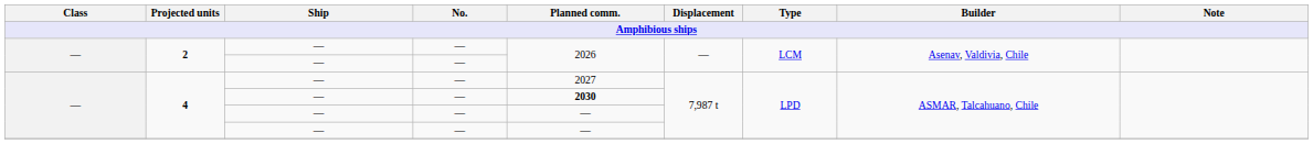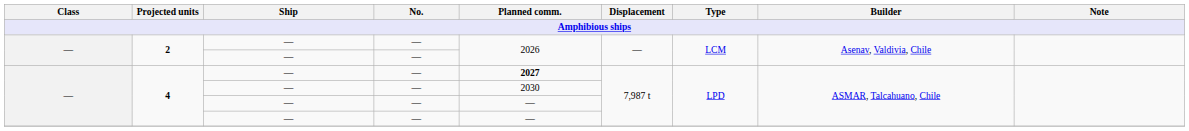 <table class="wikitable" style="text-align:center;">
 <tr>
 <th style="text-align:center; width:9%;">Class</th>
 <th style="text-align:center; width:5%;">Projected units</th>
 <th style="text-align:center; width:12%;">Ship</th>
 <th style="text-align:center; width:6%;">No.</th>
 <th style="text-align:center; width:10%;">Planned comm.</th>
 <th style="text-align:center; width:5%;">Displacement</th>
 <th style="text-align:center; width:6%;">Type</th>
 <th style="text-align:center; width:18%;">Builder</th>
 <th style="text-align:center; width:12%;">Note</th>
 </tr>
 <tr>
 <th colspan="9" style="background: lavender;"><a href='#'>Amphibious ships</a></th>
 </tr>
 <tr>
 <th rowspan="2">—</th>
 <td rowspan="2"><strong>2</strong></td>
 <td>—</td>
 <td>—</td>
 <td rowspan="2">2026</td>
 <td rowspan="2">—</td>
 <td rowspan="2"><a href='#'>LCM</a></td>
 <td rowspan="2"><a href='#'>Asenav</a>, <a href='#'>Valdivia</a>, <a href='#'>Chile</a></td>
 <td rowspan="2"></td>
 </tr>
 <tr>
 <td>—</td>
 <td>—</td>
 </tr>
 <tr>
 <th rowspan="4">—</th>
 <td rowspan="4"><strong>4</strong></td>
 <td>—</td>
 <td>—</td>
-<td>2027</td>
+<td><strong>2027</strong></td>
 <td rowspan="4">7,987 t</td>
 <td rowspan="4"><a href='#'>LPD</a></td>
 <td rowspan="4"><a href='#'>ASMAR</a>, <a href='#'>Talcahuano</a>, <a href='#'>Chile</a></td>
 <td rowspan="4"></td>
 </tr>
 <tr>
 <td>—</td>
 <td>—</td>
-<td><strong>2030</strong></td>
+<td>2030</td>
 </tr>
 <tr>
 <td>—</td>
 <td>—</td>
 <td>—</td>
 </tr>
 <tr>
 <td>—</td>
 <td>—</td>
 <td>—</td>
 </tr>
 <tr>
 </tr>
 </table>
